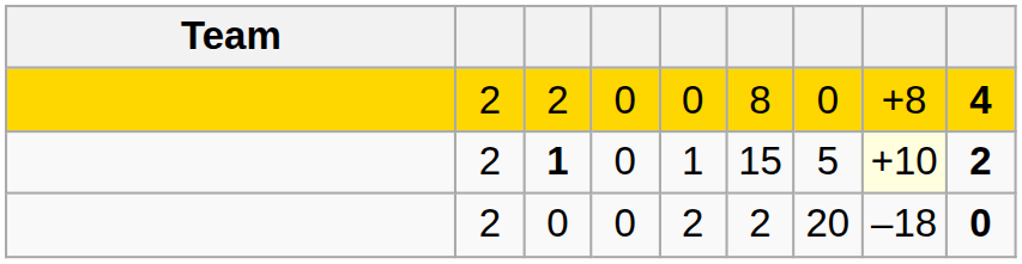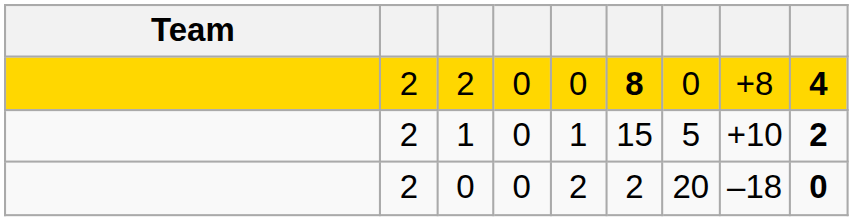 <table class=wikitable style="text-align:center">
 <tr>
 <th width="175">Team</th>
 <th width="20"></th>
 <th width="20"></th>
 <th width="20"></th>
 <th width="20"></th>
 <th width="20"></th>
 <th width="20"></th>
 <th width="20"></th>
 <th width="20"></th>
 </tr>
 <tr bgcolor=gold>
 <td align=left></td>
 <td>2</td>
 <td>2</td>
 <td>0</td>
 <td>0</td>
-<td>8</td>
+<td><strong>8</strong></td>
 <td>0</td>
 <td>+8</td>
 <td><strong>4</strong></td>
 </tr>
 <tr>
 <td align=left></td>
 <td>2</td>
-<td><strong>1</strong></td>
+<td>1</td>
 <td>0</td>
 <td>1</td>
 <td>15</td>
 <td>5</td>
-<td style="background: lightyellow;">+10</td>
+<td>+10</td>
 <td><strong>2</strong></td>
 </tr>
 <tr>
 <td align=left></td>
 <td>2</td>
 <td>0</td>
 <td>0</td>
 <td>2</td>
 <td>2</td>
 <td>20</td>
 <td>–18</td>
 <td><strong>0</strong></td>
 </tr>
 </table>
